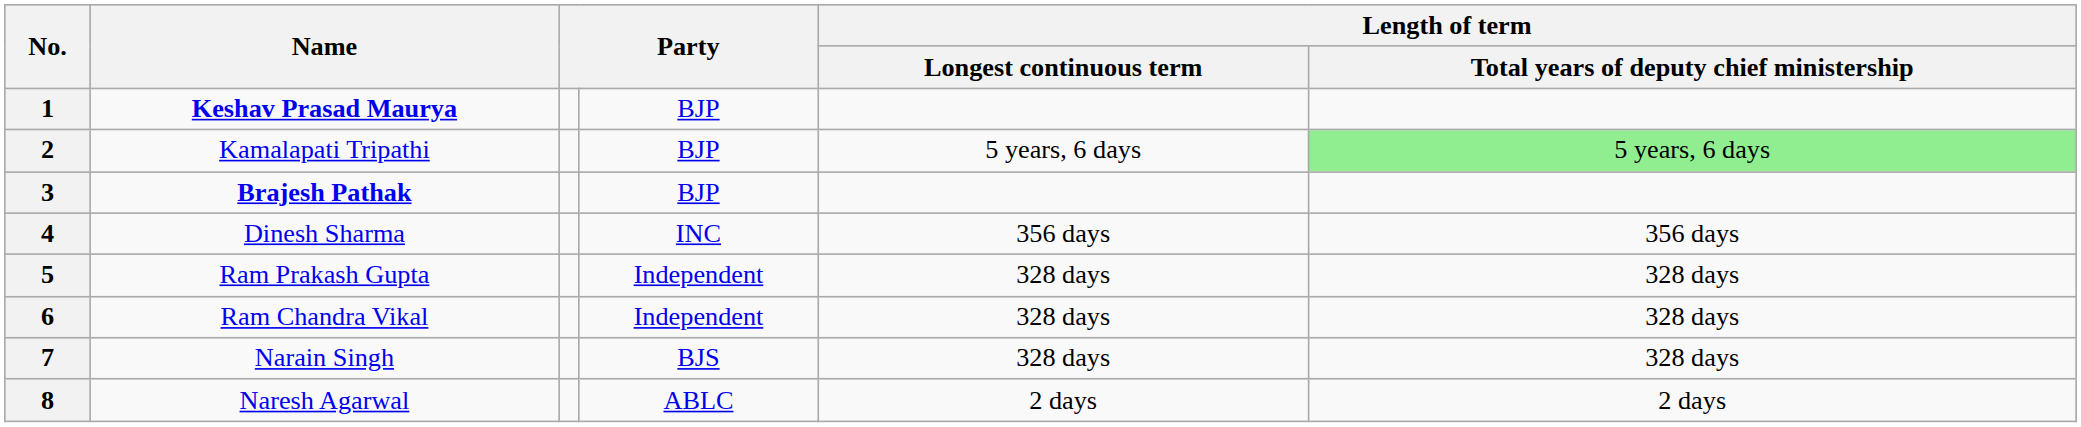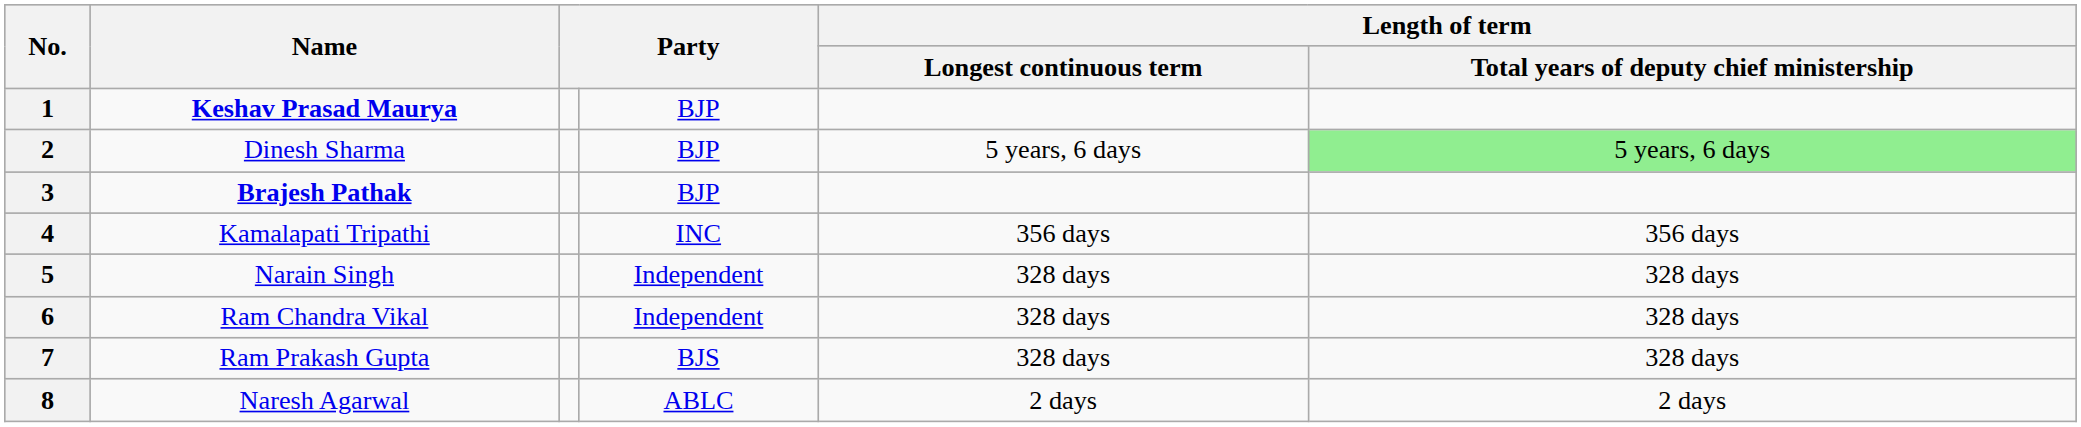 <table class="wikitable sortable" style="width:100%; text-align:center">
 <tr>
 <th rowspan=2>No.</th>
 <th rowspan=2>Name</th>
 <th rowspan=2 colspan=2>Party</th>
 <th colspan=2>Length of term</th>
 </tr>
 <tr>
 <th>Longest continuous term</th>
 <th>Total years of deputy chief ministership</th>
 </tr>
 <tr>
 <th>1</th>
 <td><strong><a href='#'>Keshav Prasad Maurya</a></strong></td>
 <td style="background-color:"></td>
 <td><a href='#'>BJP</a></td>
 <td><strong></strong></td>
 <td><strong></strong></td>
 </tr>
 <tr>
 <th>2</th>
-<td><a href='#'>Kamalapati Tripathi</a></td>
+<td><a href='#'>Dinesh Sharma</a></td>
 <td style="background-color:"></td>
 <td><a href='#'>BJP</a></td>
 <td>5 years, 6 days</td>
 <td style="background: lightgreen;">5 years, 6 days</td>
 </tr>
 <tr>
 <th>3</th>
 <td><strong><a href='#'>Brajesh Pathak</a></strong></td>
 <td style="background-color:"></td>
 <td><a href='#'>BJP</a></td>
 <td><strong></strong></td>
 <td><strong></strong></td>
 </tr>
 <tr>
 <th>4</th>
-<td><a href='#'>Dinesh Sharma</a></td>
+<td><a href='#'>Kamalapati Tripathi</a></td>
 <td style="background-color:"></td>
 <td><a href='#'>INC</a></td>
 <td>356 days</td>
 <td>356 days</td>
 </tr>
 <tr>
 <th>5</th>
-<td><a href='#'>Ram Prakash Gupta</a></td>
+<td><a href='#'>Narain Singh</a></td>
 <td style="background-color:"></td>
 <td><a href='#'>Independent</a></td>
 <td>328 days</td>
 <td>328 days</td>
 </tr>
 <tr>
 <th>6</th>
 <td><a href='#'>Ram Chandra Vikal</a></td>
 <td style="background-color:"></td>
 <td><a href='#'>Independent</a></td>
 <td>328 days</td>
 <td>328 days</td>
 </tr>
 <tr>
 <th>7</th>
-<td><a href='#'>Narain Singh</a></td>
+<td><a href='#'>Ram Prakash Gupta</a></td>
 <td style="background-color:"></td>
 <td><a href='#'>BJS</a></td>
 <td>328 days</td>
 <td>328 days</td>
 </tr>
 <tr>
 <th>8</th>
 <td><a href='#'>Naresh Agarwal</a></td>
 <td style="background-color:"></td>
 <td><a href='#'>ABLC</a></td>
 <td>2 days</td>
 <td>2 days</td>
 </tr>
 </table>
